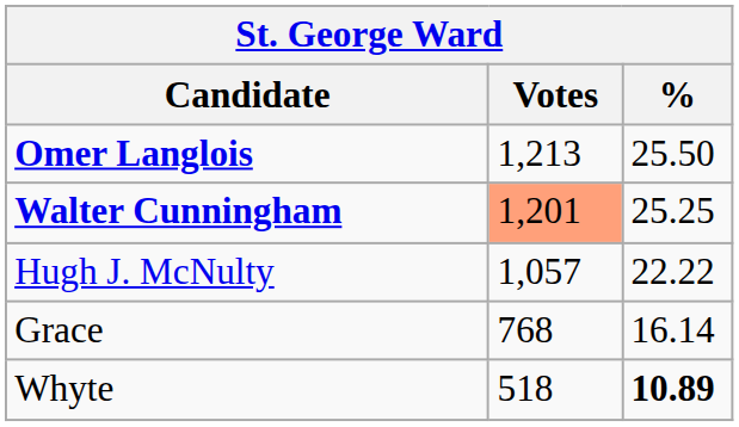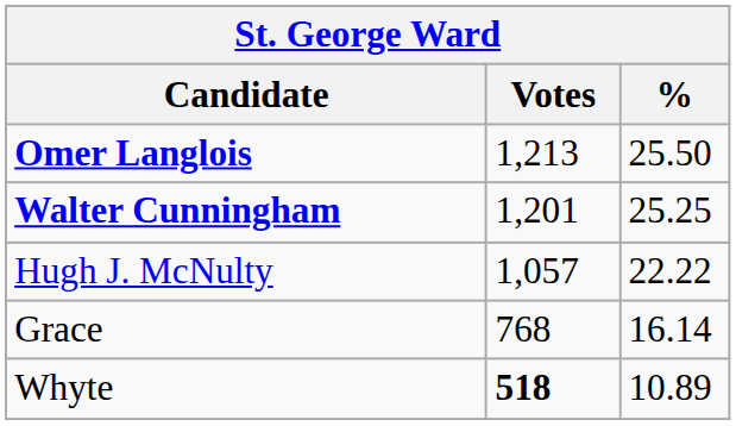 <table class="wikitable">
 <tr>
 <th colspan="3"><a href='#'>St. George Ward</a></th>
 </tr>
 <tr>
 <th style="width: 200px">Candidate</th>
 <th style="width: 50px">Votes</th>
 <th style="width: 40px">%</th>
 </tr>
 <tr>
 <td><strong><a href='#'>Omer Langlois</a></strong></td>
 <td>1,213</td>
 <td>25.50</td>
 </tr>
 <tr>
 <td><strong><a href='#'>Walter Cunningham</a></strong></td>
-<td style="background: lightsalmon;">1,201</td>
+<td>1,201</td>
 <td>25.25</td>
 </tr>
 <tr>
 <td><a href='#'>Hugh J. McNulty</a></td>
 <td>1,057</td>
 <td>22.22</td>
 </tr>
 <tr>
 <td>Grace</td>
 <td>768</td>
 <td>16.14</td>
 </tr>
 <tr>
 <td>Whyte</td>
-<td>518</td>
-<td><strong>10.89</strong></td>
+<td><strong>518</strong></td>
+<td>10.89</td>
 </tr>
 </table>
